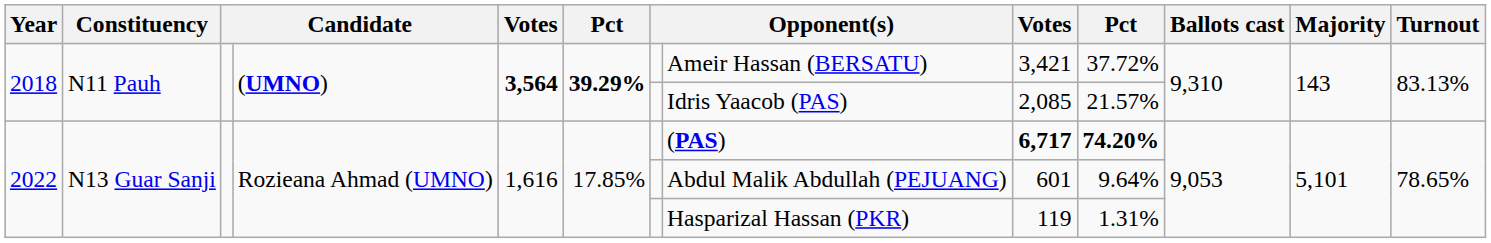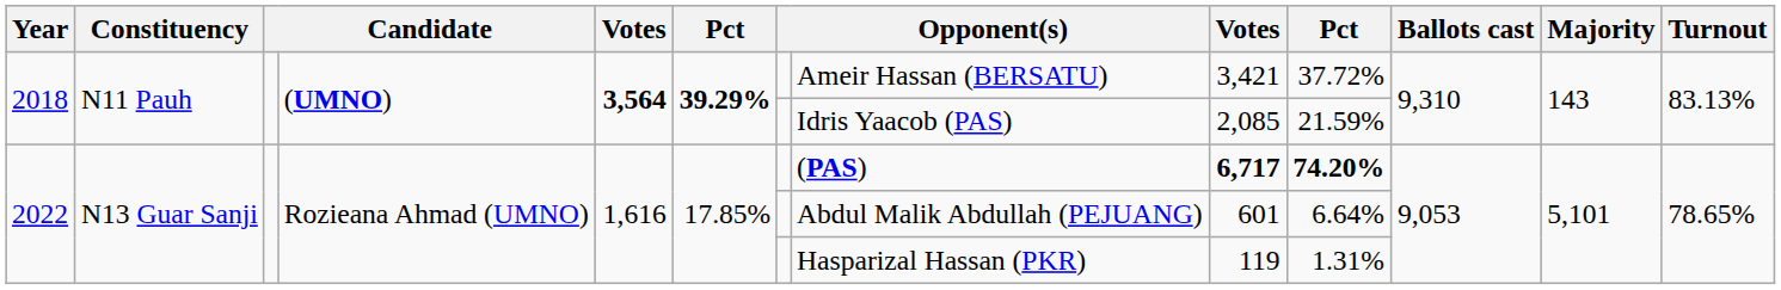 <table class="wikitable" style="margin:0.5em ; font-size:95%">
 <tr>
 <th>Year</th>
 <th>Constituency</th>
 <th colspan=2>Candidate</th>
 <th>Votes</th>
 <th>Pct</th>
 <th colspan=2>Opponent(s)</th>
 <th>Votes</th>
 <th>Pct</th>
 <th>Ballots cast</th>
 <th>Majority</th>
 <th>Turnout</th>
 </tr>
 <tr>
 <td rowspan=2><a href='#'>2018</a></td>
 <td rowspan=2>N11 <a href='#'>Pauh</a></td>
 <td rowspan=2 ></td>
 <td rowspan=2> (<a href='#'><strong>UMNO</strong></a>)</td>
 <td rowspan=2 align="right"><strong>3,564</strong></td>
 <td rowspan=2><strong>39.29%</strong></td>
 <td></td>
 <td>Ameir Hassan (<a href='#'>BERSATU</a>)</td>
 <td align="right">3,421</td>
 <td align="right">37.72%</td>
 <td rowspan=2>9,310</td>
 <td rowspan=2>143</td>
 <td rowspan=2>83.13%</td>
 </tr>
 <tr>
 <td></td>
 <td>Idris Yaacob (<a href='#'>PAS</a>)</td>
 <td align="right">2,085</td>
-<td align="right">21.57%</td>
+<td align="right">21.59%</td>
 </tr>
 <tr>
 <td rowspan=3><a href='#'>2022</a></td>
 <td rowspan=3>N13 <a href='#'>Guar Sanji</a></td>
 <td rowspan=3 ></td>
 <td rowspan=3>Rozieana Ahmad (<a href='#'>UMNO</a>)</td>
 <td rowspan=3 align="right">1,616</td>
 <td rowspan=3 align="right">17.85%</td>
 <td bgcolor=></td>
 <td> (<a href='#'><strong>PAS</strong></a>)</td>
 <td align="right"><strong>6,717</strong></td>
 <td align="right"><strong>74.20%</strong></td>
 <td rowspan=3>9,053</td>
 <td rowspan=3>5,101</td>
 <td rowspan=3>78.65%</td>
 </tr>
 <tr>
 <td></td>
 <td>Abdul Malik Abdullah (<a href='#'>PEJUANG</a>)</td>
 <td align="right">601</td>
-<td align="right">9.64%</td>
+<td align="right">6.64%</td>
 </tr>
 <tr>
 <td bgcolor=></td>
 <td>Hasparizal Hassan (<a href='#'>PKR</a>)</td>
 <td align="right">119</td>
 <td align="right">1.31%</td>
 </tr>
 </table>
